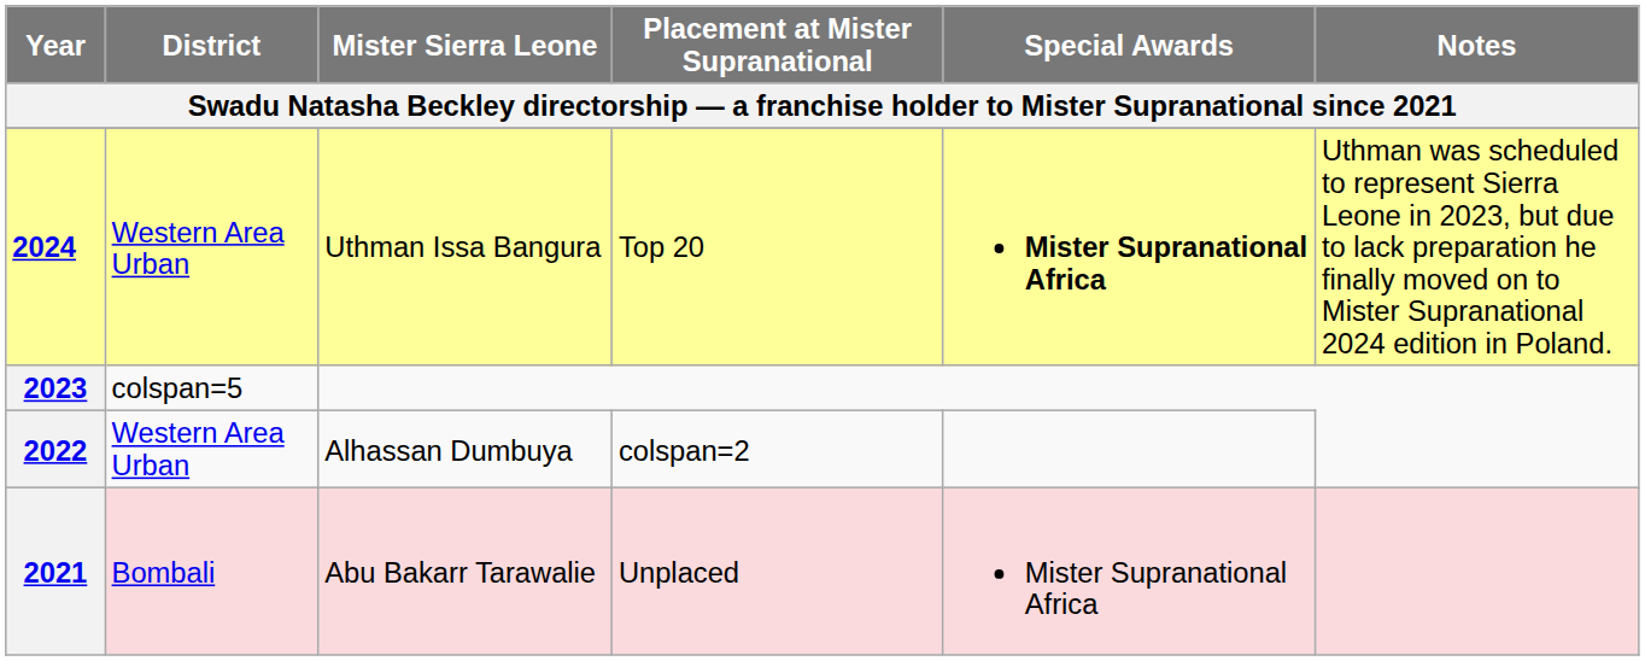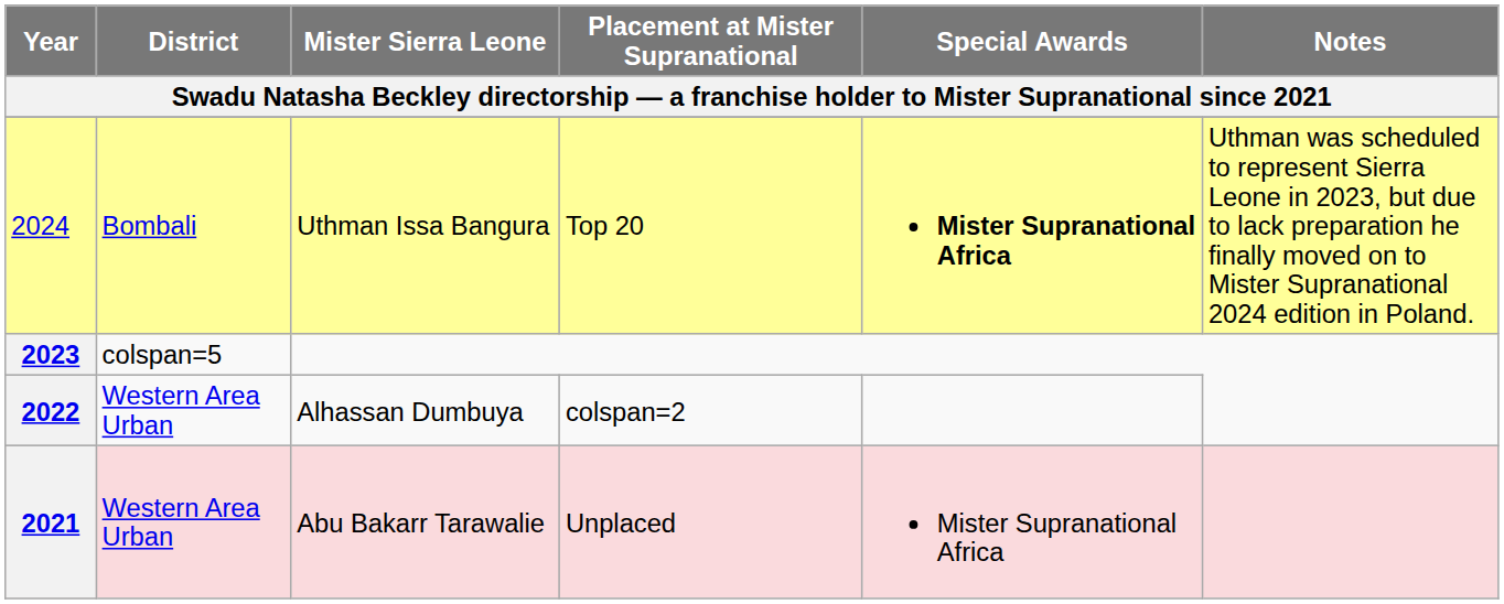 <table class="wikitable " style="font-size: 95%;">
 <tr>
 <th width="60" style="background-color:#787878;color:#FFFFFF;">Year</th>
 <th width="150" style="background-color:#787878;color:#FFFFFF;">District</th>
 <th width="250" style="background-color:#787878;color:#FFFFFF;">Mister Sierra Leone</th>
 <th width="250" style="background-color:#787878;color:#FFFFFF;">Placement at Mister Supranational</th>
 <th width="250" style="background-color:#787878;color:#FFFFFF;">Special Awards</th>
 <th width="250" style="background-color:#787878;color:#FFFFFF;">Notes</th>
 </tr>
 <tr>
 <th colspan="6">Swadu Natasha Beckley directorship — a franchise holder to Mister Supranational since 2021</th>
 </tr>
 <tr>
 </tr>
 <tr style="background-color:#FFFF99;:">
-<td><strong><a href='#'>2024</a></strong></td>
-<td><a href='#'>Western Area Urban</a></td>
+<td><a href='#'>2024</a></td>
+<td><a href='#'>Bombali</a></td>
 <td>Uthman Issa Bangura</td>
 <td>Top 20</td>
 <td><strong><br><ul><li>Mister Supranational Africa</li></ul></strong></td>
 <td>Uthman was scheduled to represent Sierra Leone in 2023, but due to lack preparation he finally moved on to Mister Supranational 2024 edition in Poland.</td>
 </tr>
 <tr>
 <th><a href='#'>2023</a></th>
 <td>colspan=5 </td>
 </tr>
 <tr>
 <th><a href='#'>2022</a></th>
 <td><a href='#'>Western Area Urban</a></td>
 <td>Alhassan Dumbuya</td>
 <td>colspan=2 </td>
 <td></td>
 </tr>
 <tr style="background-color:#FADADD;:">
 <th><a href='#'>2021</a></th>
-<td><a href='#'>Bombali</a></td>
+<td><a href='#'>Western Area Urban</a></td>
 <td>Abu Bakarr Tarawalie</td>
 <td>Unplaced</td>
 <td><br><ul><li>Mister Supranational Africa</li></ul></td>
 <td></td>
 </tr>
 </table>
